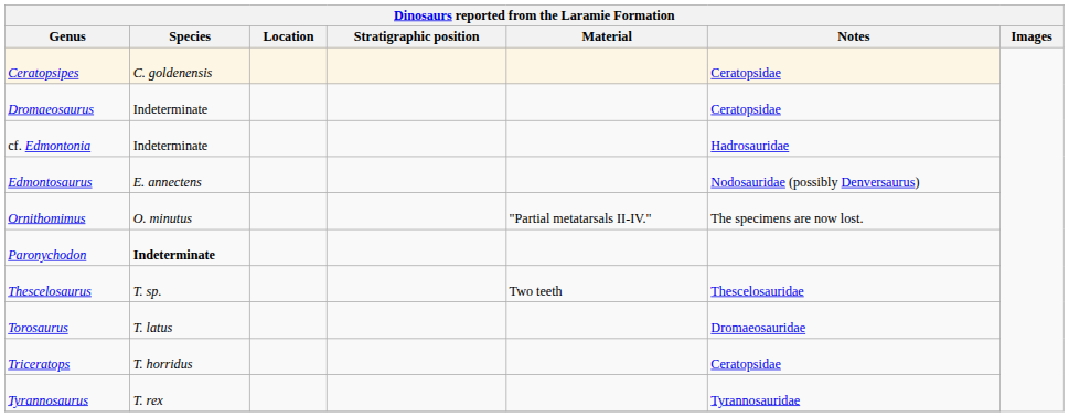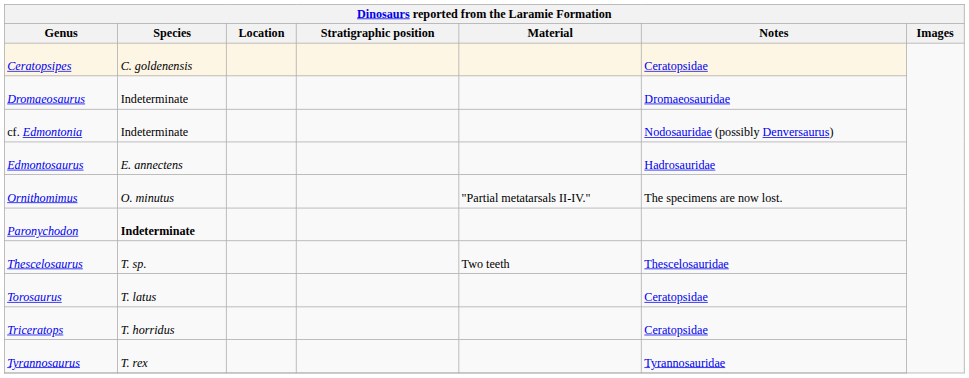 <table class="wikitable" align="center" width="100%">
 <tr>
 <th colspan="7" align="center"><strong><a href='#'>Dinosaurs</a> reported from the Laramie Formation</strong></th>
 </tr>
 <tr>
 <th>Genus</th>
 <th>Species</th>
 <th>Location</th>
 <th>Stratigraphic position</th>
 <th>Material</th>
 <th>Notes</th>
 <th>Images</th>
 </tr>
 <tr>
 <td style="background:#FEF6E4;"><br><em><a href='#'>Ceratopsipes</a></em></td>
 <td style="background:#FEF6E4;"><br><em>C. goldenensis</em></td>
 <td style="background:#FEF6E4;"></td>
 <td style="background:#FEF6E4;"></td>
 <td style="background:#FEF6E4;"></td>
 <td style="background:#FEF6E4;"><br><a href='#'>Ceratopsidae</a></td>
 <td rowspan="99"><br>       </td>
 </tr>
 <tr>
 <td><br><em><a href='#'>Dromaeosaurus</a></em></td>
 <td><br>Indeterminate</td>
 <td></td>
 <td></td>
 <td></td>
-<td><br><a href='#'>Ceratopsidae</a></td>
+<td><br><a href='#'>Dromaeosauridae</a></td>
 </tr>
 <tr>
 <td><br>cf. <em><a href='#'>Edmontonia</a></em></td>
 <td><br>Indeterminate</td>
 <td></td>
 <td></td>
 <td></td>
-<td><br><a href='#'>Hadrosauridae</a></td>
+<td><br><a href='#'>Nodosauridae</a> (possibly <a href='#'>Denversaurus</a>)</td>
 </tr>
 <tr>
 <td><br><em><a href='#'>Edmontosaurus</a></em></td>
 <td><br><em>E. annectens</em></td>
 <td></td>
 <td></td>
 <td></td>
-<td><br><a href='#'>Nodosauridae</a> (possibly <a href='#'>Denversaurus</a>)</td>
+<td><br><a href='#'>Hadrosauridae</a></td>
 </tr>
 <tr>
 <td><br><em><a href='#'>Ornithomimus</a></em></td>
 <td><br><em>O. minutus</em></td>
 <td></td>
 <td></td>
 <td><br>"Partial metatarsals II-IV."</td>
 <td><br>The specimens are now lost.</td>
 </tr>
 <tr>
 <td><br><em><a href='#'>Paronychodon</a></em></td>
 <td><strong><br>Indeterminate</strong></td>
 <td></td>
 <td></td>
 <td></td>
 <td></td>
 </tr>
 <tr>
 <td><br><em><a href='#'>Thescelosaurus</a></em></td>
 <td><br><em>T. sp.</em></td>
 <td></td>
 <td></td>
 <td><br>Two teeth</td>
 <td><br><a href='#'>Thescelosauridae</a></td>
 </tr>
 <tr>
 <td><br><em><a href='#'>Torosaurus</a></em></td>
 <td><br><em>T. latus</em></td>
 <td></td>
 <td></td>
 <td></td>
-<td><br><a href='#'>Dromaeosauridae</a></td>
+<td><br><a href='#'>Ceratopsidae</a></td>
 </tr>
 <tr>
 <td><br><em><a href='#'>Triceratops</a></em></td>
 <td><br><em>T. horridus</em></td>
 <td></td>
 <td></td>
 <td></td>
 <td><br><a href='#'>Ceratopsidae</a></td>
 </tr>
 <tr>
 <td><br><em><a href='#'>Tyrannosaurus</a></em></td>
 <td><br><em>T. rex</em></td>
 <td></td>
 <td></td>
 <td></td>
 <td><br><a href='#'>Tyrannosauridae</a></td>
 </tr>
 <tr>
 </tr>
 </table>
